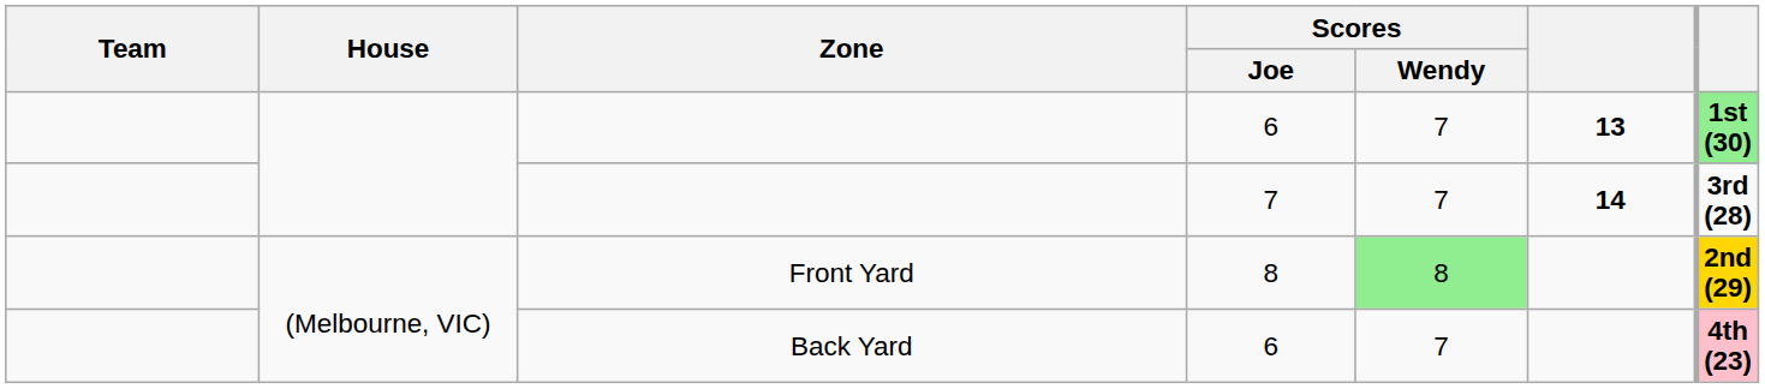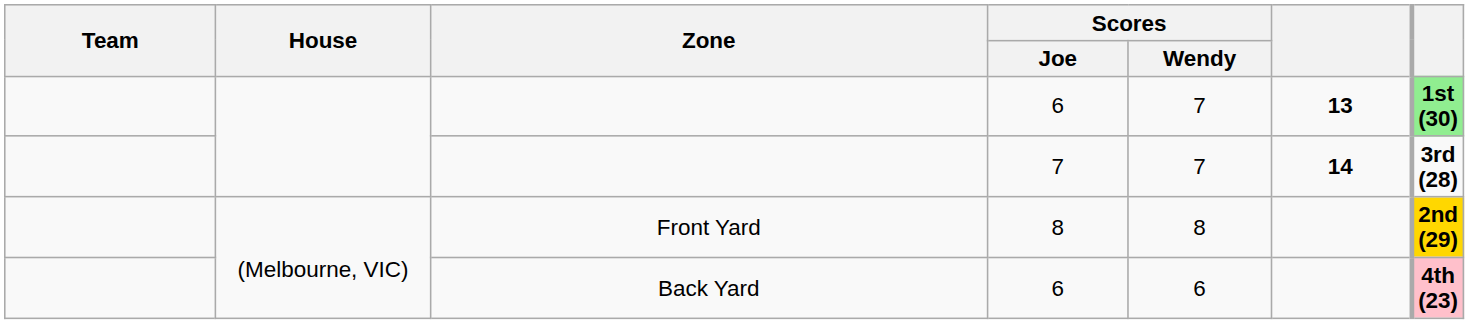 <table class="wikitable plainrowheaders" style="text-align:center; font-size:90%; width:65em;">
 <tr>
 <th rowspan="2">Team</th>
 <th rowspan="2">House</th>
 <th rowspan="2" style="width:40%;">Zone</th>
 <th colspan="2" style="width:30%;">Scores</th>
 <th rowspan="2" style="width:15%;"></th>
 <th rowspan="2" style="width:15%; border-left:3px solid #aaa;"></th>
 </tr>
 <tr>
 <th style="width:10%;">Joe</th>
 <th style="width:10%;">Wendy</th>
 </tr>
 <tr>
 <td style="width:15%;"></td>
 <td rowspan=2 style="width:15%;"><br></td>
 <td></td>
 <td>6</td>
 <td>7</td>
 <td><strong>13</strong></td>
 <td style="border-left:3px solid #aaa;" bgcolor="lightgreen"><strong>1st (30)</strong></td>
 </tr>
 <tr>
 <td style="width:15%;"></td>
 <td></td>
 <td>7</td>
 <td>7</td>
 <td><strong>14</strong></td>
 <td style="border-left:3px solid #aaa;"><strong>3rd (28)</strong></td>
 </tr>
 <tr>
 <td style="width:15%;"></td>
 <td rowspan=2 style="width:15%;"><br>(Melbourne, VIC)</td>
 <td>Front Yard</td>
 <td>8</td>
-<td style="background: lightgreen;">8</td>
+<td>8</td>
 <td></td>
 <td style="background: gold; border-left:3px solid #aaa;"><strong>2nd (29)</strong></td>
 </tr>
 <tr>
 <td style="width:15%;"></td>
 <td>Back Yard</td>
 <td>6</td>
-<td>7</td>
+<td>6</td>
 <td></td>
 <td style="border-left:3px solid #aaa;" bgcolor="pink"><strong>4th (23)</strong></td>
 </tr>
 </table>
